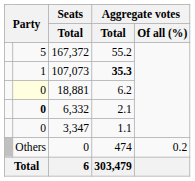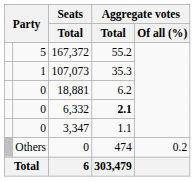 <table class="wikitable" style="text-align:right; font-size:95%;">
 <tr>
 <th colspan="2" rowspan="2">Party</th>
 <th>Seats</th>
 <th colspan="2">Aggregate votes</th>
 </tr>
 <tr>
 <th>Total</th>
 <th>Total</th>
 <th>Of all (%)</th>
 </tr>
 <tr>
 <td></td>
 <td>5</td>
 <td>167,372</td>
 <td>55.2</td>
 </tr>
 <tr>
 <td></td>
 <td>1</td>
 <td>107,073</td>
-<td><strong>35.3</strong></td>
+<td>35.3</td>
 </tr>
 <tr>
 <td></td>
-<td style="background: lightyellow;">0</td>
+<td>0</td>
 <td>18,881</td>
 <td>6.2</td>
 </tr>
 <tr>
 <td></td>
-<td><strong>0</strong></td>
+<td>0</td>
 <td>6,332</td>
-<td>2.1</td>
+<td><strong>2.1</strong></td>
 </tr>
 <tr>
 <td></td>
 <td>0</td>
 <td>3,347</td>
 <td>1.1</td>
 </tr>
 <tr>
 <td style="background:silver;"> </td>
 <td align=left>Others</td>
 <td>0</td>
 <td>474</td>
 <td>0.2</td>
 </tr>
 <tr>
 <th colspan="2" style="background:#f2f2f2"><strong>Total</strong></th>
 <td style="background:#f2f2f2;"><strong>6</strong></td>
 <td style="background:#f2f2f2;"><strong>303,479</strong></td>
 <td style="background:#f2f2f2;"></td>
 </tr>
 </table>
